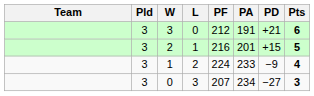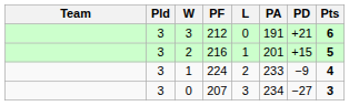 <table class=wikitable style="text-align:center">
 <tr>
 <th width=180>Team</th>
 <th width=30>Pld</th>
 <th width=30>W</th>
+<th width=30>PF</th>
 <th width=30>L</th>
-<th width=30>PF</th>
 <th width=30>PA</th>
 <th width=30>PD</th>
 <th width=30>Pts</th>
 </tr>
 <tr bgcolor="#ccffcc">
 <td align="left"></td>
 <td>3</td>
 <td>3</td>
+<td>212</td>
 <td>0</td>
-<td>212</td>
 <td>191</td>
 <td>+21</td>
 <td><strong>6</strong></td>
 </tr>
 <tr bgcolor="#ccffcc">
 <td align="left"></td>
 <td>3</td>
 <td>2</td>
+<td>216</td>
 <td>1</td>
-<td>216</td>
 <td>201</td>
 <td>+15</td>
 <td><strong>5</strong></td>
 </tr>
 <tr>
 <td align="left"></td>
 <td>3</td>
 <td>1</td>
+<td>224</td>
 <td>2</td>
-<td>224</td>
 <td>233</td>
 <td>−9</td>
 <td><strong>4</strong></td>
 </tr>
 <tr>
 <td align="left"></td>
 <td>3</td>
 <td>0</td>
+<td>207</td>
 <td>3</td>
-<td>207</td>
 <td>234</td>
 <td>−27</td>
 <td><strong>3</strong></td>
 </tr>
 </table>
